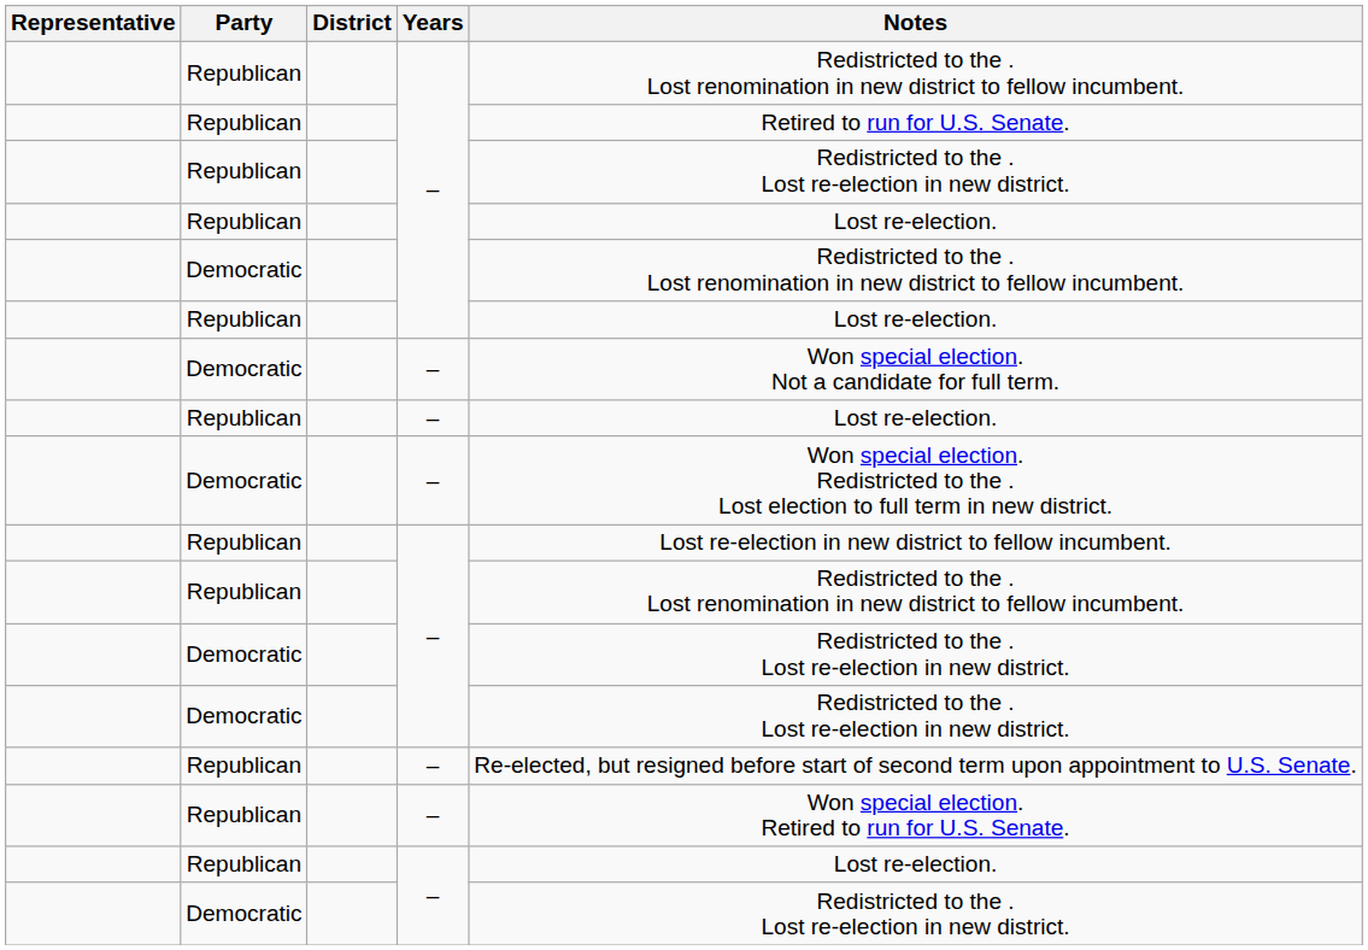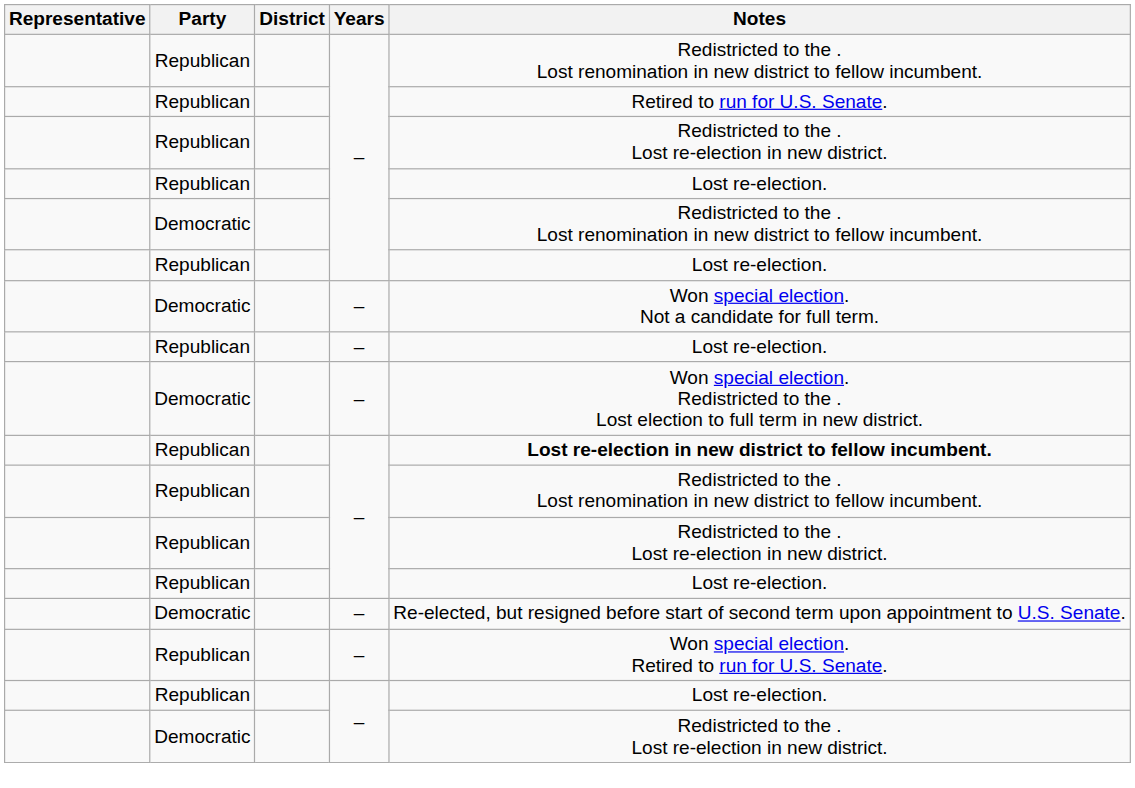 <table class="wikitable sortable" style="text-align:center">
 <tr valign=bottom>
 <th>Representative</th>
 <th>Party</th>
 <th>District</th>
 <th>Years</th>
 <th>Notes</th>
 </tr>
 <tr>
 <td align=left></td>
 <td>Republican</td>
 <td></td>
 <td rowspan="6" nowrap=""> –<br></td>
 <td>Redistricted to the .<br>Lost renomination in new district to fellow incumbent.</td>
 </tr>
 <tr>
 <td align=left></td>
 <td>Republican</td>
 <td></td>
 <td>Retired to <a href='#'>run for U.S. Senate</a>.</td>
 </tr>
 <tr>
 <td align=left></td>
 <td>Republican</td>
 <td></td>
 <td>Redistricted to the .<br>Lost re-election in new district.</td>
 </tr>
 <tr>
 <td align=left></td>
 <td>Republican</td>
 <td></td>
 <td>Lost re-election.</td>
 </tr>
 <tr>
 <td align=left></td>
 <td>Democratic</td>
 <td></td>
 <td>Redistricted to the .<br>Lost renomination in new district to fellow incumbent.</td>
 </tr>
 <tr>
 <td align=left></td>
 <td>Republican</td>
 <td></td>
 <td>Lost re-election.</td>
 </tr>
 <tr>
 <td align=left></td>
 <td>Democratic</td>
 <td></td>
 <td nowrap> –<br></td>
 <td>Won <a href='#'>special election</a>.<br>Not a candidate for full term.</td>
 </tr>
 <tr>
 <td align=left></td>
 <td>Republican</td>
 <td></td>
 <td nowrap> –<br></td>
 <td>Lost re-election.</td>
 </tr>
 <tr>
 <td align=left></td>
 <td>Democratic</td>
 <td></td>
 <td nowrap> –<br></td>
 <td>Won <a href='#'>special election</a>.<br>Redistricted to the .<br>Lost election to full term in new district.</td>
 </tr>
 <tr>
 <td align=left></td>
 <td>Republican</td>
 <td></td>
 <td rowspan="4" nowrap=""> –<br></td>
-<td>Lost re-election in new district to fellow incumbent.</td>
+<td><strong>Lost re-election in new district to fellow incumbent.</strong></td>
 </tr>
 <tr>
 <td align=left></td>
 <td>Republican</td>
 <td></td>
 <td>Redistricted to the .<br>Lost renomination in new district to fellow incumbent.</td>
 </tr>
 <tr>
 <td align=left></td>
-<td>Democratic</td>
-<td></td>
-<td>Redistricted to the .<br>Lost re-election in new district.</td>
-</tr>
-<tr>
-<td align=left></td>
-<td>Democratic</td>
+<td>Republican</td>
 <td></td>
 <td>Redistricted to the .<br>Lost re-election in new district.</td>
 </tr>
 <tr>
 <td align=left></td>
 <td>Republican</td>
+<td></td>
+<td>Lost re-election.</td>
+</tr>
+<tr>
+<td align=left></td>
+<td>Democratic</td>
 <td></td>
 <td nowrap> –<br></td>
 <td>Re-elected, but resigned before start of second term upon appointment to <a href='#'>U.S. Senate</a>.</td>
 </tr>
 <tr>
 <td align=left></td>
 <td>Republican</td>
 <td></td>
 <td nowrap> –<br></td>
 <td>Won <a href='#'>special election</a>.<br>Retired to <a href='#'>run for U.S. Senate</a>.</td>
 </tr>
 <tr>
 <td align=left></td>
 <td>Republican</td>
 <td></td>
 <td rowspan="2" nowrap=""> –<br></td>
 <td>Lost re-election.</td>
 </tr>
 <tr>
 <td align=left></td>
 <td>Democratic</td>
 <td></td>
 <td>Redistricted to the .<br>Lost re-election in new district.</td>
 </tr>
 </table>
